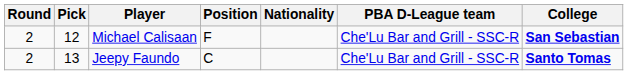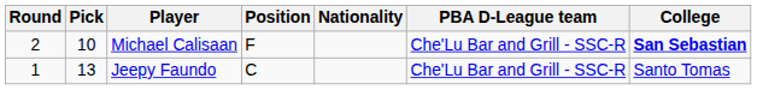 <table class="wikitable sortable sortable">
 <tr>
 <th>Round</th>
 <th>Pick</th>
 <th>Player</th>
 <th>Position</th>
 <th>Nationality</th>
 <th>PBA D-League team</th>
 <th>College</th>
 </tr>
 <tr>
 <td align=center>2</td>
-<td align=center>12</td>
+<td align=center>10</td>
 <td><a href='#'>Michael Calisaan</a></td>
 <td>F</td>
 <td></td>
 <td><a href='#'>Che'Lu Bar and Grill - SSC-R</a></td>
 <td><strong><a href='#'>San Sebastian</a></strong></td>
 </tr>
 <tr>
-<td align=center>2</td>
+<td align=center>1</td>
 <td align=center>13</td>
 <td><a href='#'>Jeepy Faundo</a></td>
 <td>C</td>
 <td></td>
 <td><a href='#'>Che'Lu Bar and Grill - SSC-R</a></td>
-<td><strong><a href='#'>Santo Tomas</a></strong></td>
+<td><a href='#'>Santo Tomas</a></td>
 </tr>
 </table>
